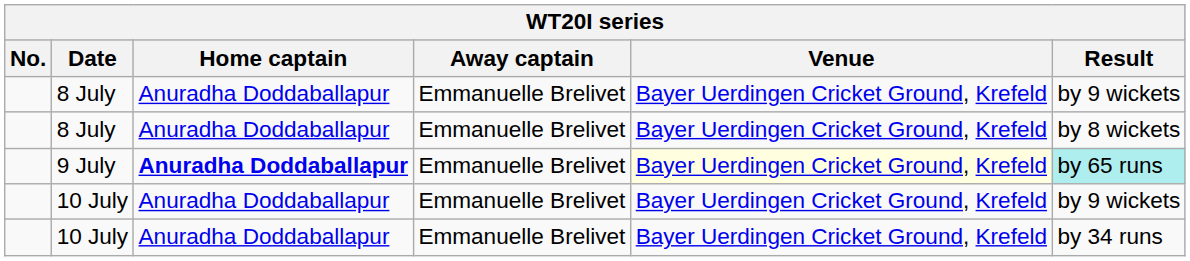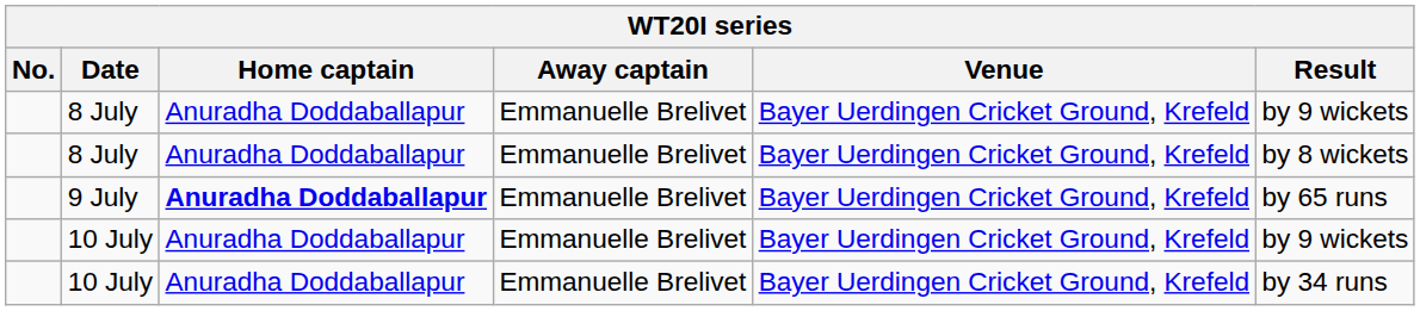 <table class="wikitable">
 <tr>
 <th colspan="9">WT20I series</th>
 </tr>
 <tr>
 <th>No.</th>
 <th>Date</th>
 <th>Home captain</th>
 <th>Away captain</th>
 <th>Venue</th>
 <th>Result</th>
 </tr>
 <tr>
 <td></td>
 <td>8 July</td>
 <td><a href='#'>Anuradha Doddaballapur</a></td>
 <td>Emmanuelle Brelivet</td>
 <td><a href='#'>Bayer Uerdingen Cricket Ground</a>, <a href='#'>Krefeld</a></td>
 <td> by 9 wickets</td>
 </tr>
 <tr>
 <td></td>
 <td>8 July</td>
 <td><a href='#'>Anuradha Doddaballapur</a></td>
 <td>Emmanuelle Brelivet</td>
 <td><a href='#'>Bayer Uerdingen Cricket Ground</a>, <a href='#'>Krefeld</a></td>
 <td> by 8 wickets</td>
 </tr>
 <tr>
 <td></td>
 <td>9 July</td>
 <td><strong><a href='#'>Anuradha Doddaballapur</a></strong></td>
 <td>Emmanuelle Brelivet</td>
-<td style="background: lightyellow;"><a href='#'>Bayer Uerdingen Cricket Ground</a>, <a href='#'>Krefeld</a></td>
-<td style="background: paleturquoise;"> by 65 runs</td>
+<td><a href='#'>Bayer Uerdingen Cricket Ground</a>, <a href='#'>Krefeld</a></td>
+<td> by 65 runs</td>
 </tr>
 <tr>
 <td></td>
 <td>10 July</td>
 <td><a href='#'>Anuradha Doddaballapur</a></td>
 <td>Emmanuelle Brelivet</td>
 <td><a href='#'>Bayer Uerdingen Cricket Ground</a>, <a href='#'>Krefeld</a></td>
 <td> by 9 wickets</td>
 </tr>
 <tr>
 <td></td>
 <td>10 July</td>
 <td><a href='#'>Anuradha Doddaballapur</a></td>
 <td>Emmanuelle Brelivet</td>
 <td><a href='#'>Bayer Uerdingen Cricket Ground</a>, <a href='#'>Krefeld</a></td>
 <td> by 34 runs</td>
 </tr>
 </table>
